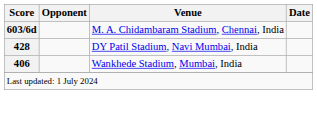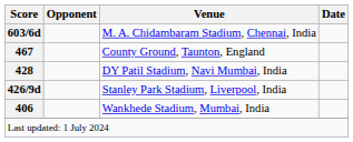 <table class="wikitable sortable" style="text-align:left;font-size:93%;">
 <tr>
 <th><strong>Score</strong></th>
 <th><strong>Opponent</strong></th>
 <th><strong>Venue</strong></th>
 <th><strong>Date</strong></th>
 </tr>
 <tr>
 <th>603/6d</th>
 <td></td>
 <td><a href='#'>M. A. Chidambaram Stadium</a>, <a href='#'>Chennai</a>, India</td>
 <td></td>
 </tr>
 <tr>
+<th>467</th>
+<td></td>
+<td><a href='#'>County Ground</a>, <a href='#'>Taunton</a>, England</td>
+<td></td>
+</tr>
+<tr>
 <th>428</th>
 <td></td>
 <td><a href='#'>DY Patil Stadium</a>, <a href='#'>Navi Mumbai</a>, India</td>
+<td></td>
+</tr>
+<tr>
+<th>426/9d</th>
+<td></td>
+<td><a href='#'>Stanley Park Stadium</a>, <a href='#'>Liverpool</a>, India</td>
 <td></td>
 </tr>
 <tr>
 <th>406</th>
 <td></td>
 <td><a href='#'>Wankhede Stadium</a>, <a href='#'>Mumbai</a>, India</td>
 <td></td>
 </tr>
 <tr>
 </tr>
 <tr class="sortbottom">
 <td colspan="4"><small>Last updated: 1 July 2024</small></td>
 </tr>
 </table>
